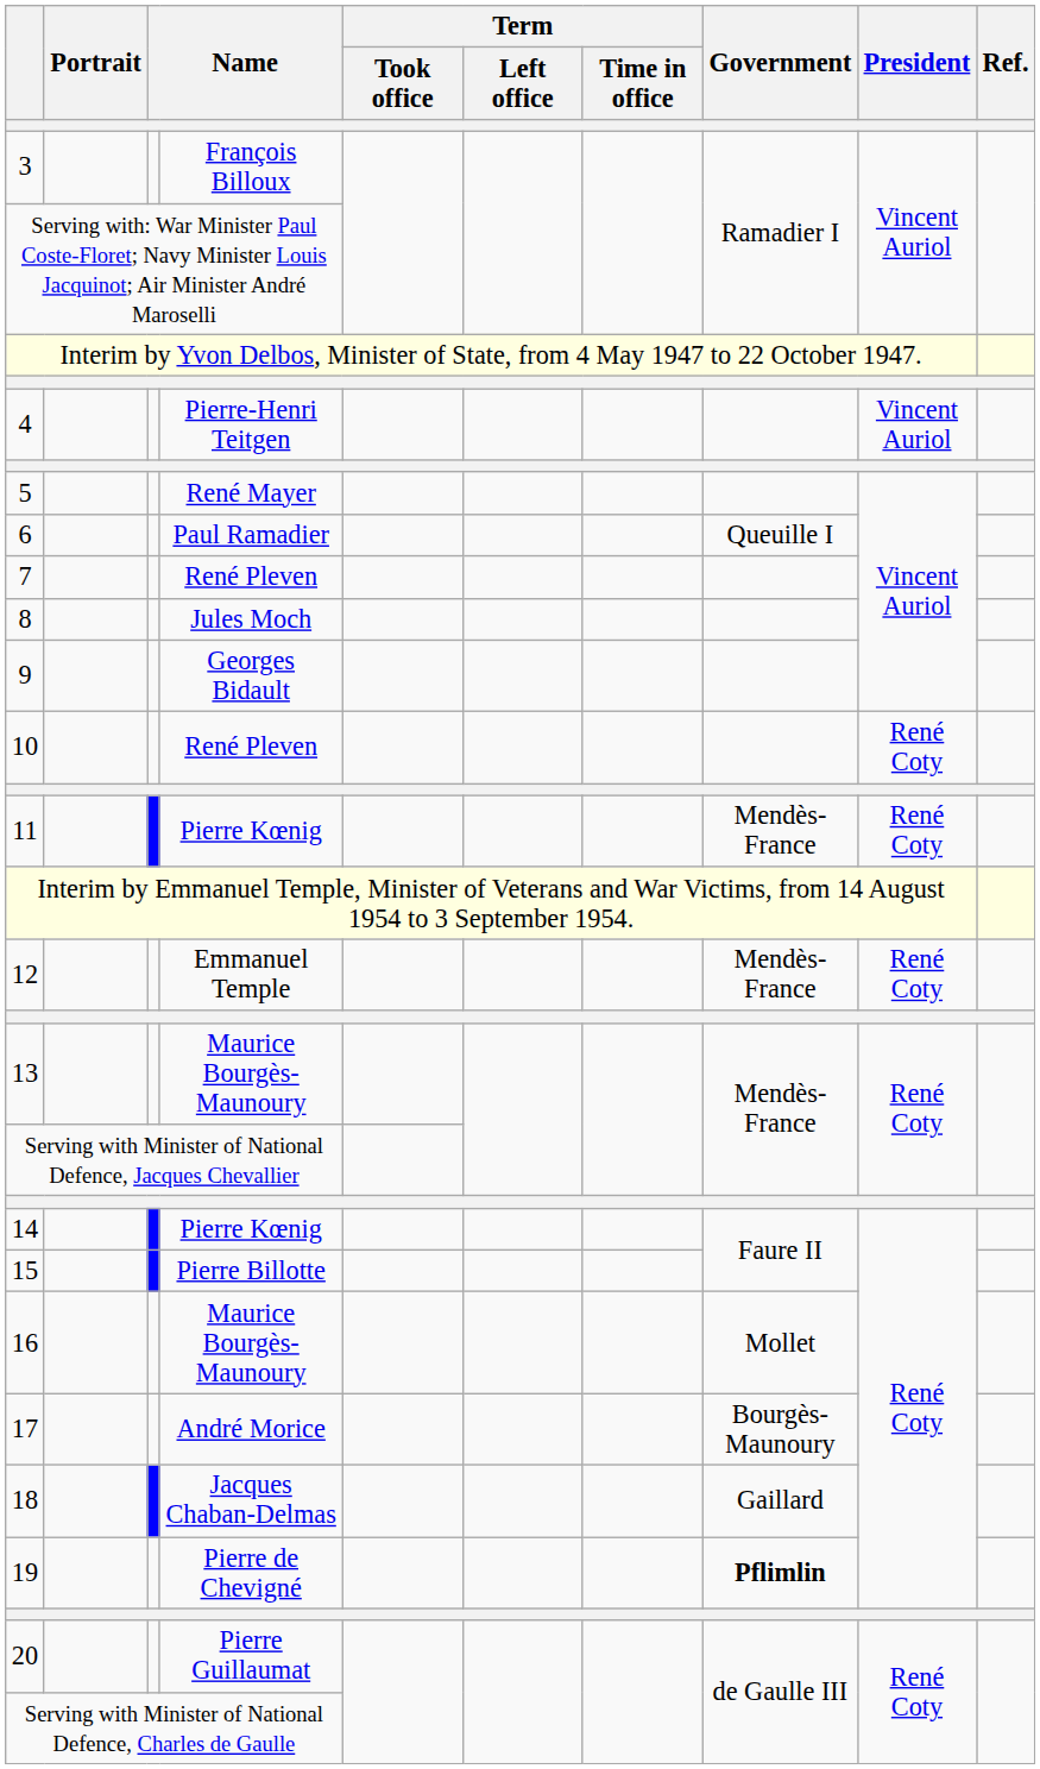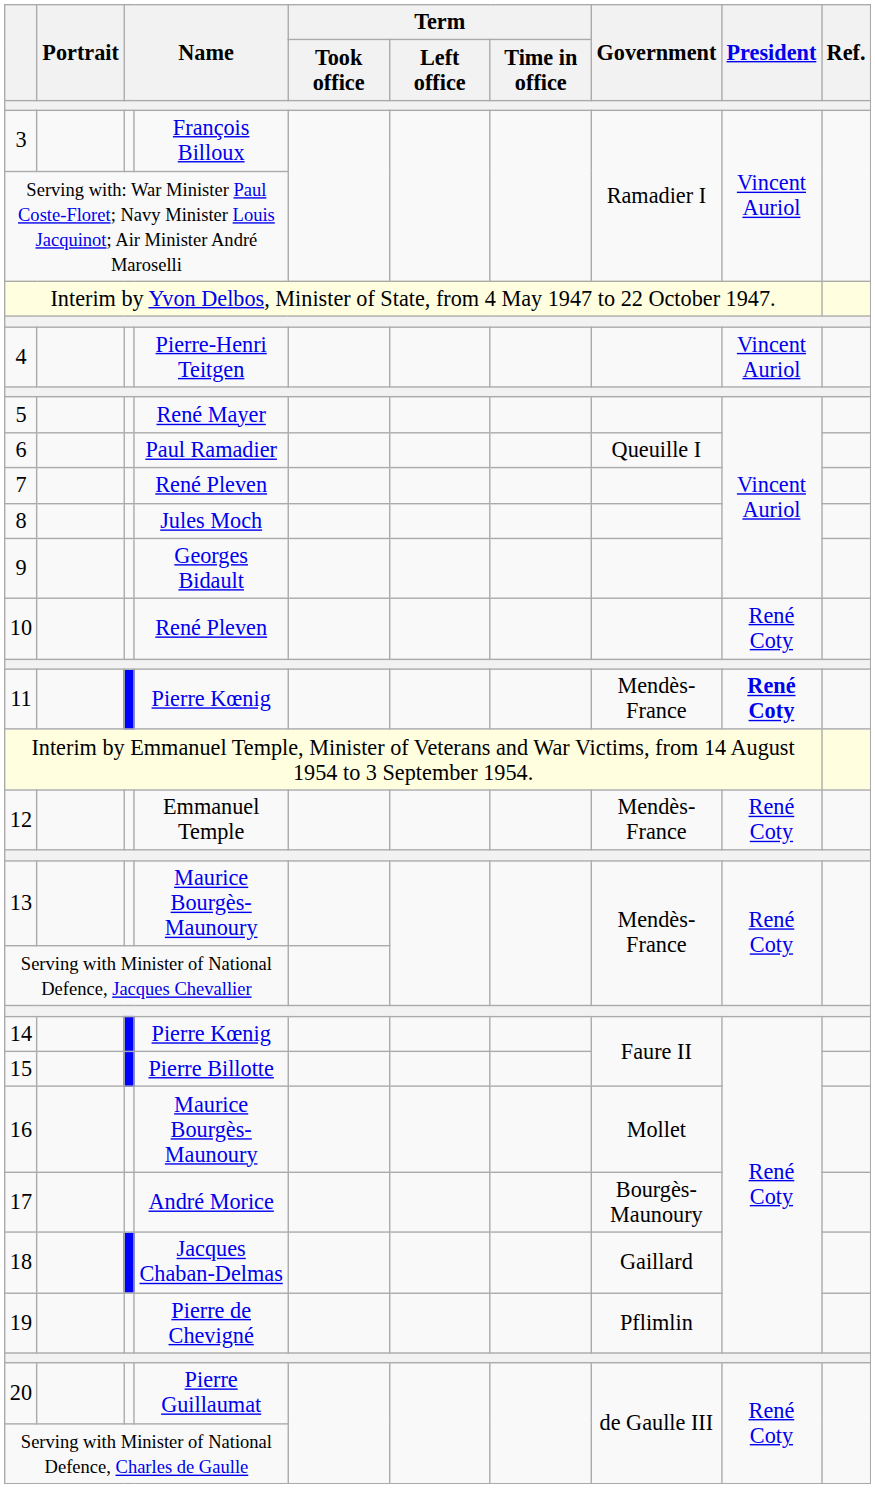 <table class="wikitable" style="text-align:center; width:100%">
 <tr>
 <th style="width:2%" rowspan=2></th>
 <th style="width:5%" rowspan=2>Portrait</th>
 <th style="width:20%" rowspan=2, colspan=2>Name</th>
 <th colspan=3>Term</th>
 <th style="width:13%" rowspan=2>Government</th>
 <th rowspan=2><a href='#'>President</a></th>
 <th style="width:2%" rowspan=2>Ref.</th>
 </tr>
 <tr>
 <th style="width:13%">Took office</th>
 <th style="width:13%">Left office</th>
 <th style="width:13%">Time in office</th>
 </tr>
 <tr>
 <th colspan=10></th>
 </tr>
 <tr>
 <td>3</td>
 <td></td>
 <td style="background:"></td>
 <td><a href='#'>François Billoux</a></td>
 <td rowspan=2></td>
 <td rowspan=2></td>
 <td rowspan=2></td>
 <td rowspan=2>Ramadier I</td>
 <td rowspan=2><a href='#'>Vincent Auriol</a></td>
 <td rowspan=2></td>
 </tr>
 <tr>
 <td colspan=4><small>Serving with: War Minister <a href='#'>Paul Coste-Floret</a>; Navy Minister <a href='#'>Louis Jacquinot</a>; Air Minister André Maroselli</small></td>
 </tr>
 <tr bgcolor="lightyellow">
 <td colspan=9>Interim by <a href='#'>Yvon Delbos</a>, Minister of State, from 4 May 1947 to 22 October 1947.</td>
 <td></td>
 </tr>
 <tr>
 <th colspan=10></th>
 </tr>
 <tr>
 <td>4</td>
 <td></td>
 <td style="background:"></td>
 <td><a href='#'>Pierre-Henri Teitgen</a></td>
 <td></td>
 <td></td>
 <td></td>
 <td></td>
 <td><a href='#'>Vincent Auriol</a></td>
 <td></td>
 </tr>
 <tr>
 <th colspan=10></th>
 </tr>
 <tr>
 <td>5</td>
 <td></td>
 <td style="background:"></td>
 <td><a href='#'>René Mayer</a></td>
 <td></td>
 <td></td>
 <td></td>
 <td></td>
 <td rowspan=6><a href='#'>Vincent Auriol</a></td>
 <td></td>
 </tr>
 <tr>
 <td>6</td>
 <td></td>
 <td style="background:"></td>
 <td><a href='#'>Paul Ramadier</a></td>
 <td></td>
 <td></td>
 <td></td>
 <td>Queuille I</td>
 <td></td>
 </tr>
 <tr>
 <td>7</td>
 <td></td>
 <td style="background:"></td>
 <td><a href='#'>René Pleven</a></td>
 <td></td>
 <td></td>
 <td></td>
 <td></td>
 <td></td>
 </tr>
 <tr>
 <td>8</td>
 <td></td>
 <td style="background:"></td>
 <td><a href='#'>Jules Moch</a></td>
 <td></td>
 <td></td>
 <td></td>
 <td></td>
 <td></td>
 </tr>
 <tr>
 <td>9</td>
 <td></td>
 <td style="background:"></td>
 <td><a href='#'>Georges Bidault</a></td>
 <td></td>
 <td></td>
 <td></td>
 <td></td>
 <td></td>
 </tr>
 <tr>
 <td rowspan=2>10</td>
 <td rowspan=2></td>
 <td rowspan=2 style="background:"></td>
 <td rowspan=2><a href='#'>René Pleven</a></td>
 <td rowspan=2></td>
 <td rowspan=2></td>
 <td rowspan=2></td>
 <td rowspan=2></td>
 <td rowspan=2></td>
 </tr>
 <tr>
 <td><a href='#'>René Coty</a></td>
 </tr>
 <tr>
 <th colspan=10></th>
 </tr>
 <tr>
 <td>11</td>
 <td></td>
 <td style="background:#0000FF;"></td>
 <td><a href='#'>Pierre Kœnig</a></td>
 <td></td>
 <td></td>
 <td></td>
 <td>Mendès-France</td>
-<td><a href='#'>René Coty</a></td>
+<td><strong><a href='#'>René Coty</a></strong></td>
 <td></td>
 </tr>
 <tr bgcolor="lightyellow">
 <td colspan=9>Interim by Emmanuel Temple, Minister of Veterans and War Victims, from 14 August 1954 to 3 September 1954.</td>
 <td></td>
 </tr>
 <tr>
 <td>12</td>
 <td></td>
 <td style="background:"></td>
 <td>Emmanuel Temple</td>
 <td></td>
 <td></td>
 <td></td>
 <td>Mendès-France</td>
 <td><a href='#'>René Coty</a></td>
 <td></td>
 </tr>
 <tr>
 <th colspan=10></th>
 </tr>
 <tr>
 <td>13</td>
 <td></td>
 <td style="background:"></td>
 <td><a href='#'>Maurice Bourgès-Maunoury</a></td>
 <td></td>
 <td rowspan=2></td>
 <td rowspan=2></td>
 <td rowspan=2>Mendès-France</td>
 <td rowspan=2><a href='#'>René Coty</a></td>
 <td rowspan=2></td>
 </tr>
 <tr>
 <td colspan=4><small>Serving with Minister of National Defence, <a href='#'>Jacques Chevallier</a></small></td>
 </tr>
 <tr>
 <th colspan=10></th>
 </tr>
 <tr>
 <td>14</td>
 <td></td>
 <td style="background:#0000FF;"></td>
 <td><a href='#'>Pierre Kœnig</a></td>
 <td></td>
 <td></td>
 <td></td>
 <td rowspan=2>Faure II</td>
 <td rowspan=6><a href='#'>René Coty</a></td>
 <td></td>
 </tr>
 <tr>
 <td>15</td>
 <td></td>
 <td style="background:#0000FF;"></td>
 <td><a href='#'>Pierre Billotte</a></td>
 <td></td>
 <td></td>
 <td></td>
 <td></td>
 </tr>
 <tr>
 <td>16</td>
 <td></td>
 <td style="background:"></td>
 <td><a href='#'>Maurice Bourgès-Maunoury</a></td>
 <td></td>
 <td></td>
 <td></td>
 <td>Mollet</td>
 <td></td>
 </tr>
 <tr>
 <td>17</td>
 <td></td>
 <td style="background:"></td>
 <td><a href='#'>André Morice</a></td>
 <td></td>
 <td></td>
 <td></td>
 <td>Bourgès-Maunoury</td>
 <td></td>
 </tr>
 <tr>
 <td>18</td>
 <td></td>
 <td style="background:#0000FF;"></td>
 <td><a href='#'>Jacques Chaban-Delmas</a></td>
 <td></td>
 <td></td>
 <td></td>
 <td>Gaillard</td>
 <td></td>
 </tr>
 <tr>
 <td>19</td>
 <td></td>
 <td style="background:"></td>
 <td><a href='#'>Pierre de Chevigné</a></td>
 <td></td>
 <td></td>
 <td></td>
-<td><strong>Pflimlin</strong></td>
+<td>Pflimlin</td>
 <td></td>
 </tr>
 <tr>
 <th colspan=10></th>
 </tr>
 <tr>
 <td>20</td>
 <td></td>
 <td style="background:"></td>
 <td><a href='#'>Pierre Guillaumat</a></td>
 <td rowspan=2></td>
 <td rowspan=2></td>
 <td rowspan=2></td>
 <td rowspan=2>de Gaulle III</td>
 <td rowspan=2><a href='#'>René Coty</a></td>
 <td rowspan=2></td>
 </tr>
 <tr>
 <td colspan=4><small>Serving with Minister of National Defence, <a href='#'>Charles de Gaulle</a></small></td>
 </tr>
 </table>
